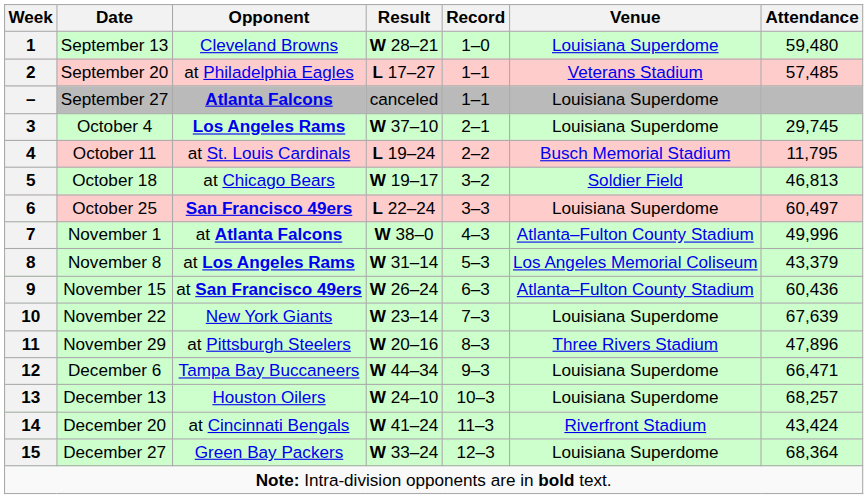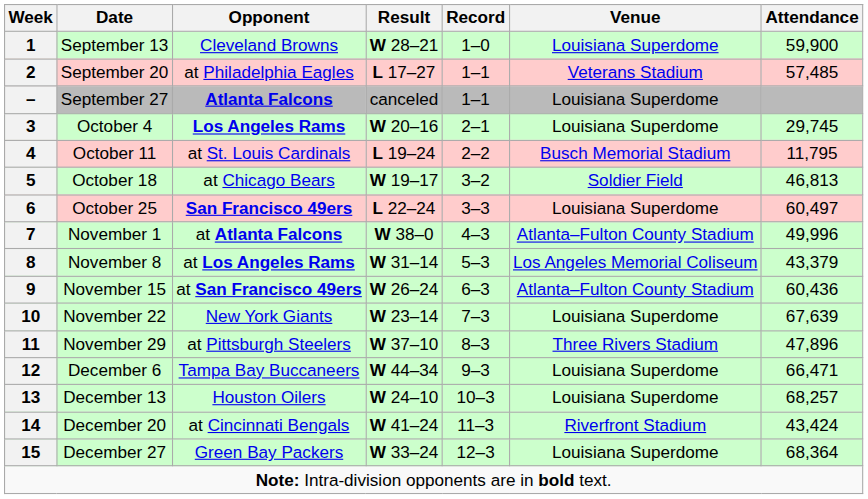 <table class="wikitable"  style="text-align: center;">
 <tr>
 <th>Week</th>
 <th>Date</th>
 <th>Opponent</th>
 <th>Result</th>
 <th>Record</th>
 <th>Venue</th>
 <th>Attendance</th>
 </tr>
 <tr style="background:#cfc">
 <th>1</th>
 <td>September 13</td>
 <td><a href='#'>Cleveland Browns</a></td>
 <td><strong>W</strong> 28–21</td>
 <td>1–0</td>
 <td><a href='#'>Louisiana Superdome</a></td>
-<td>59,480</td>
+<td>59,900</td>
 </tr>
 <tr style="background:#fcc">
 <th>2</th>
 <td>September 20</td>
 <td>at <a href='#'>Philadelphia Eagles</a></td>
 <td><strong>L</strong> 17–27</td>
 <td>1–1</td>
 <td><a href='#'>Veterans Stadium</a></td>
 <td>57,485</td>
 </tr>
 <tr style="background:#bababa">
 <th>–</th>
 <td>September 27</td>
 <td><strong><a href='#'>Atlanta Falcons</a></strong></td>
 <td>canceled</td>
 <td>1–1</td>
 <td>Louisiana Superdome</td>
 <td></td>
 </tr>
 <tr style="background:#cfc">
 <th>3</th>
 <td>October 4</td>
 <td><strong><a href='#'>Los Angeles Rams</a></strong></td>
-<td><strong>W</strong> 37–10</td>
+<td><strong>W</strong> 20–16</td>
 <td>2–1</td>
 <td>Louisiana Superdome</td>
 <td>29,745</td>
 </tr>
 <tr style="background:#fcc">
 <th>4</th>
 <td>October 11</td>
 <td>at <a href='#'>St. Louis Cardinals</a></td>
 <td><strong>L</strong> 19–24</td>
 <td>2–2</td>
 <td><a href='#'>Busch Memorial Stadium</a></td>
 <td>11,795</td>
 </tr>
 <tr style="background:#cfc">
 <th>5</th>
 <td>October 18</td>
 <td>at <a href='#'>Chicago Bears</a></td>
 <td><strong>W</strong> 19–17</td>
 <td>3–2</td>
 <td><a href='#'>Soldier Field</a></td>
 <td>46,813</td>
 </tr>
 <tr style="background:#fcc">
 <th>6</th>
 <td>October 25</td>
 <td><strong><a href='#'>San Francisco 49ers</a></strong></td>
 <td><strong>L</strong> 22–24</td>
 <td>3–3</td>
 <td>Louisiana Superdome</td>
 <td>60,497</td>
 </tr>
 <tr style="background:#cfc">
 <th>7</th>
 <td>November 1</td>
 <td>at <strong><a href='#'>Atlanta Falcons</a></strong></td>
 <td><strong>W</strong> 38–0</td>
 <td>4–3</td>
 <td><a href='#'>Atlanta–Fulton County Stadium</a></td>
 <td>49,996</td>
 </tr>
 <tr style="background:#cfc">
 <th>8</th>
 <td>November 8</td>
 <td>at <strong><a href='#'>Los Angeles Rams</a></strong></td>
 <td><strong>W</strong> 31–14</td>
 <td>5–3</td>
 <td><a href='#'>Los Angeles Memorial Coliseum</a></td>
 <td>43,379</td>
 </tr>
 <tr style="background:#cfc">
 <th>9</th>
 <td>November 15</td>
 <td>at <strong><a href='#'>San Francisco 49ers</a></strong></td>
 <td><strong>W</strong> 26–24</td>
 <td>6–3</td>
 <td><a href='#'>Atlanta–Fulton County Stadium</a></td>
 <td>60,436</td>
 </tr>
 <tr style="background:#cfc">
 <th>10</th>
 <td>November 22</td>
 <td><a href='#'>New York Giants</a></td>
 <td><strong>W</strong> 23–14</td>
 <td>7–3</td>
 <td>Louisiana Superdome</td>
 <td>67,639</td>
 </tr>
 <tr style="background:#cfc">
 <th>11</th>
 <td>November 29</td>
 <td>at <a href='#'>Pittsburgh Steelers</a></td>
-<td><strong>W</strong> 20–16</td>
+<td><strong>W</strong> 37–10</td>
 <td>8–3</td>
 <td><a href='#'>Three Rivers Stadium</a></td>
 <td>47,896</td>
 </tr>
 <tr style="background:#cfc">
 <th>12</th>
 <td>December 6</td>
 <td><a href='#'>Tampa Bay Buccaneers</a></td>
 <td><strong>W</strong> 44–34</td>
 <td>9–3</td>
 <td>Louisiana Superdome</td>
 <td>66,471</td>
 </tr>
 <tr style="background:#cfc">
 <th>13</th>
 <td>December 13</td>
 <td><a href='#'>Houston Oilers</a></td>
 <td><strong>W</strong> 24–10</td>
 <td>10–3</td>
 <td>Louisiana Superdome</td>
 <td>68,257</td>
 </tr>
 <tr style="background:#cfc">
 <th>14</th>
 <td>December 20</td>
 <td>at <a href='#'>Cincinnati Bengals</a></td>
 <td><strong>W</strong> 41–24</td>
 <td>11–3</td>
 <td><a href='#'>Riverfront Stadium</a></td>
 <td>43,424</td>
 </tr>
 <tr style="background:#cfc">
 <th>15</th>
 <td>December 27</td>
 <td><a href='#'>Green Bay Packers</a></td>
 <td><strong>W</strong> 33–24</td>
 <td>12–3</td>
 <td>Louisiana Superdome</td>
 <td>68,364</td>
 </tr>
 <tr>
 <td colspan="7"><strong>Note:</strong> Intra-division opponents are in <strong>bold</strong> text.</td>
 </tr>
 </table>
